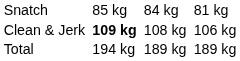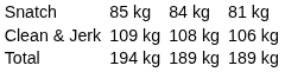 <table>
 <tr>
 <td>Snatch</td>
 <td></td>
 <td>85 kg</td>
 <td></td>
 <td>84 kg</td>
 <td></td>
 <td>81 kg</td>
 </tr>
 <tr>
 <td>Clean & Jerk</td>
 <td></td>
-<td><strong>109 kg</strong></td>
+<td>109 kg</td>
 <td></td>
 <td>108 kg</td>
 <td></td>
 <td>106 kg</td>
 </tr>
 <tr>
 <td>Total</td>
 <td></td>
 <td>194 kg</td>
 <td></td>
 <td>189 kg</td>
 <td></td>
 <td>189 kg</td>
 </tr>
 </table>
